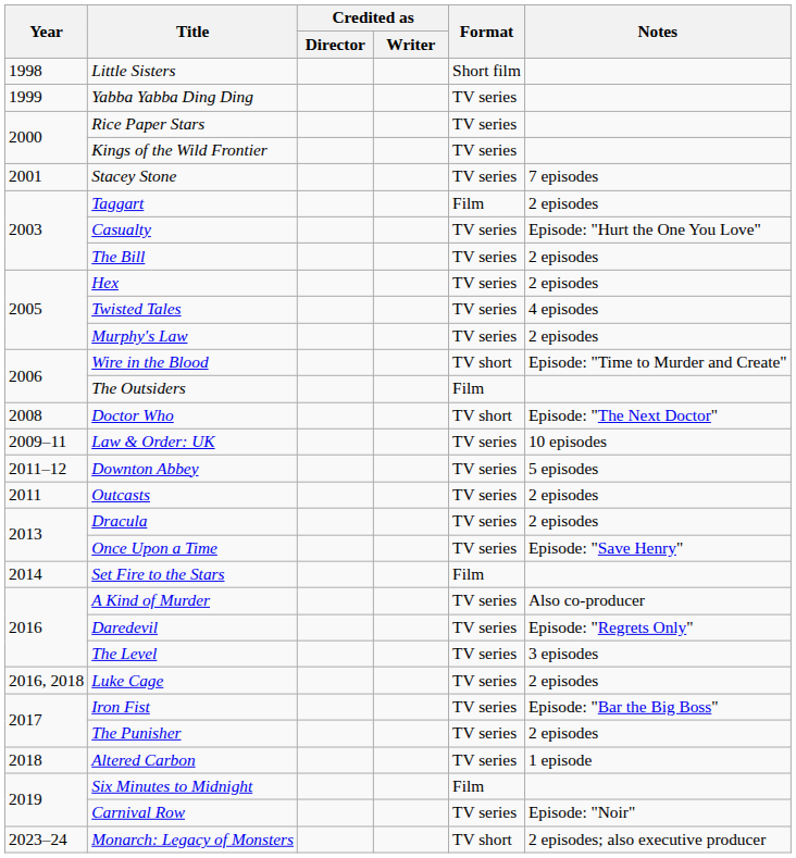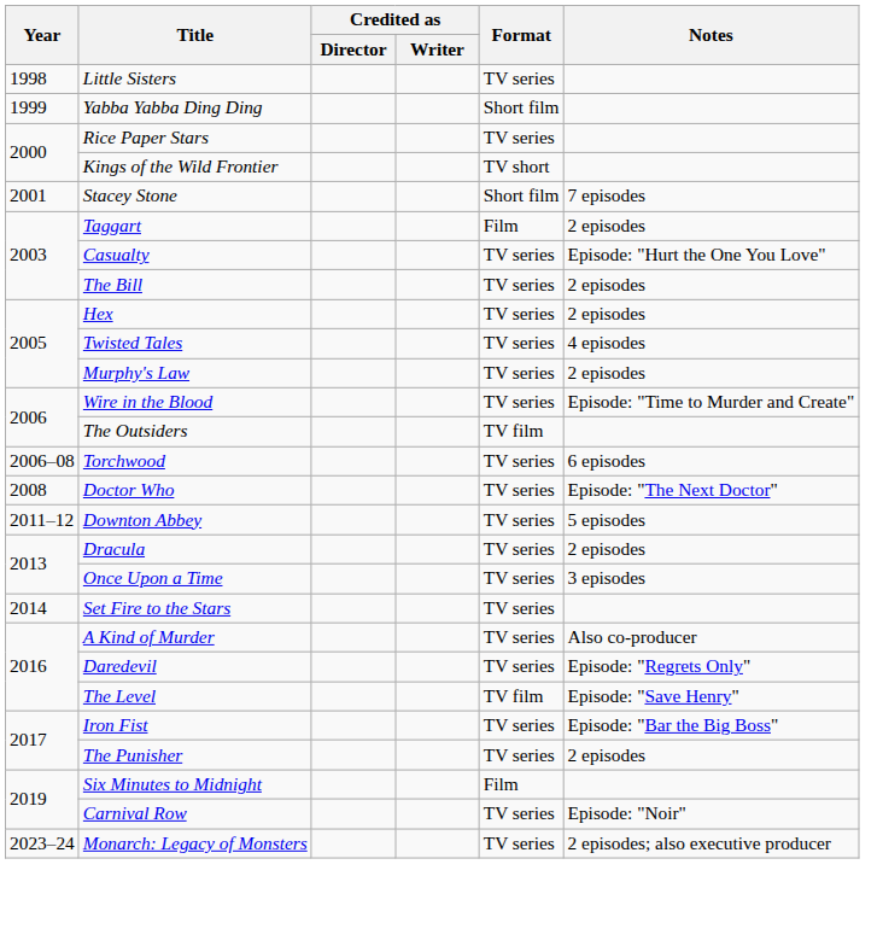 <table class="wikitable" style="text-align:left; margin-center:auto; margin-center:auto">
 <tr>
 <th rowspan="2">Year</th>
 <th rowspan="2">Title</th>
 <th colspan="2">Credited as</th>
 <th rowspan="2">Format</th>
 <th rowspan="2">Notes</th>
 </tr>
 <tr>
 <th width="65">Director</th>
 <th width="65">Writer</th>
 </tr>
 <tr>
 <td>1998</td>
 <td><em>Little Sisters</em></td>
 <td></td>
 <td></td>
-<td>Short film</td>
+<td>TV series</td>
 <td></td>
 </tr>
 <tr>
 <td>1999</td>
 <td><em>Yabba Yabba Ding Ding</em></td>
 <td></td>
 <td></td>
-<td>TV series</td>
+<td>Short film</td>
 <td></td>
 </tr>
 <tr>
 <td rowspan="2">2000</td>
 <td><em>Rice Paper Stars</em></td>
 <td></td>
 <td></td>
 <td>TV series</td>
 <td></td>
 </tr>
 <tr>
 <td><em>Kings of the Wild Frontier</em></td>
 <td></td>
 <td></td>
-<td>TV series</td>
+<td>TV short</td>
 <td></td>
 </tr>
 <tr>
 <td>2001</td>
 <td><em>Stacey Stone</em></td>
 <td></td>
 <td></td>
-<td>TV series</td>
+<td>Short film</td>
 <td>7 episodes</td>
 </tr>
 <tr>
 <td rowspan="3">2003</td>
 <td><em><a href='#'>Taggart</a></em></td>
 <td></td>
 <td></td>
 <td>Film</td>
 <td>2 episodes</td>
 </tr>
 <tr>
 <td><em><a href='#'>Casualty</a></em></td>
 <td></td>
 <td></td>
 <td>TV series</td>
 <td>Episode: "Hurt the One You Love"</td>
 </tr>
 <tr>
 <td><em><a href='#'>The Bill</a></em></td>
 <td></td>
 <td></td>
 <td>TV series</td>
 <td>2 episodes</td>
 </tr>
 <tr>
 <td rowspan="3">2005</td>
 <td><em><a href='#'>Hex</a></em></td>
 <td></td>
 <td></td>
 <td>TV series</td>
 <td>2 episodes</td>
 </tr>
 <tr>
 <td><em><a href='#'>Twisted Tales</a></em></td>
 <td></td>
 <td></td>
 <td>TV series</td>
 <td>4 episodes</td>
 </tr>
 <tr>
 <td><em><a href='#'>Murphy's Law</a></em></td>
 <td></td>
 <td></td>
 <td>TV series</td>
 <td>2 episodes</td>
 </tr>
 <tr>
 <td rowspan="2">2006</td>
 <td><em><a href='#'>Wire in the Blood</a></em></td>
 <td></td>
 <td></td>
-<td>TV short</td>
+<td>TV series</td>
 <td>Episode: "Time to Murder and Create"</td>
 </tr>
 <tr>
 <td><em>The Outsiders</em></td>
 <td></td>
 <td></td>
-<td>Film</td>
+<td>TV film</td>
 <td></td>
+</tr>
+<tr>
+<td>2006–08</td>
+<td><em><a href='#'>Torchwood</a></em></td>
+<td></td>
+<td></td>
+<td>TV series</td>
+<td>6 episodes</td>
 </tr>
 <tr>
 <td>2008</td>
 <td><em><a href='#'>Doctor Who</a></em></td>
 <td></td>
 <td></td>
-<td>TV short</td>
+<td>TV series</td>
 <td>Episode: "<a href='#'>The Next Doctor</a>"</td>
-</tr>
-<tr>
-<td>2009–11</td>
-<td><em><a href='#'>Law & Order: UK</a></em></td>
-<td></td>
-<td></td>
-<td>TV series</td>
-<td>10 episodes</td>
 </tr>
 <tr>
 <td>2011–12</td>
 <td><em><a href='#'>Downton Abbey</a></em></td>
 <td></td>
 <td></td>
 <td>TV series</td>
 <td>5 episodes</td>
-</tr>
-<tr>
-<td>2011</td>
-<td><em><a href='#'>Outcasts</a></em></td>
-<td></td>
-<td></td>
-<td>TV series</td>
-<td>2 episodes</td>
 </tr>
 <tr>
 <td rowspan="2">2013</td>
 <td><em><a href='#'>Dracula</a></em></td>
 <td></td>
 <td></td>
 <td>TV series</td>
 <td>2 episodes</td>
 </tr>
 <tr>
 <td><em><a href='#'>Once Upon a Time</a></em></td>
 <td></td>
 <td></td>
 <td>TV series</td>
-<td>Episode: "<a href='#'>Save Henry</a>"</td>
+<td>3 episodes</td>
 </tr>
 <tr>
 <td>2014</td>
 <td><em><a href='#'>Set Fire to the Stars</a></em></td>
 <td></td>
 <td></td>
-<td>Film</td>
+<td>TV series</td>
 <td></td>
 </tr>
 <tr>
 <td rowspan="3">2016</td>
 <td><em><a href='#'>A Kind of Murder</a></em></td>
 <td></td>
 <td></td>
 <td>TV series</td>
 <td>Also co-producer</td>
 </tr>
 <tr>
 <td><em><a href='#'>Daredevil</a></em></td>
 <td></td>
 <td></td>
 <td>TV series</td>
 <td>Episode: "<a href='#'>Regrets Only</a>"</td>
 </tr>
 <tr>
 <td><em><a href='#'>The Level</a></em></td>
 <td></td>
 <td></td>
-<td>TV series</td>
-<td>3 episodes</td>
-</tr>
-<tr>
-<td>2016, 2018</td>
-<td><em><a href='#'>Luke Cage</a></em></td>
-<td></td>
-<td></td>
-<td>TV series</td>
-<td>2 episodes</td>
+<td>TV film</td>
+<td>Episode: "<a href='#'>Save Henry</a>"</td>
 </tr>
 <tr>
 <td rowspan="2">2017</td>
 <td><em><a href='#'>Iron Fist</a></em></td>
 <td></td>
 <td></td>
 <td>TV series</td>
 <td>Episode: "<a href='#'>Bar the Big Boss</a>"</td>
 </tr>
 <tr>
 <td><em><a href='#'>The Punisher</a></em></td>
 <td></td>
 <td></td>
 <td>TV series</td>
 <td>2 episodes</td>
-</tr>
-<tr>
-<td>2018</td>
-<td><em><a href='#'>Altered Carbon</a></em></td>
-<td></td>
-<td></td>
-<td>TV series</td>
-<td>1 episode</td>
 </tr>
 <tr>
 <td rowspan=2>2019</td>
 <td><em><a href='#'>Six Minutes to Midnight</a></em></td>
 <td></td>
 <td></td>
 <td>Film</td>
 <td></td>
 </tr>
 <tr>
 <td><em><a href='#'>Carnival Row</a></em></td>
 <td></td>
 <td></td>
 <td>TV series</td>
 <td>Episode: "Noir"</td>
 </tr>
 <tr>
 <td>2023–24</td>
 <td><em><a href='#'>Monarch: Legacy of Monsters</a></em></td>
 <td></td>
 <td></td>
-<td>TV short</td>
+<td>TV series</td>
 <td>2 episodes; also executive producer</td>
 </tr>
 </table>
